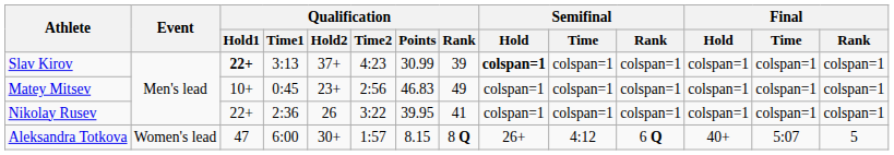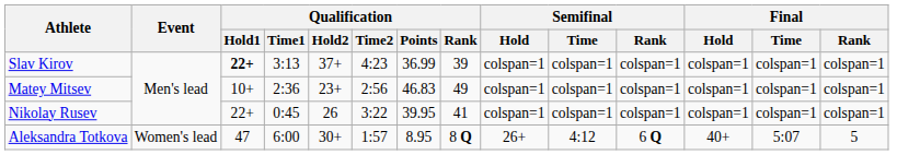 <table class=wikitable style=font-size:90% align=center>
 <tr>
 <th rowspan=2>Athlete</th>
 <th rowspan=2>Event</th>
 <th colspan=6>Qualification</th>
 <th colspan=3>Semifinal</th>
 <th colspan=3>Final</th>
 </tr>
 <tr style=font-size:95%>
 <th>Hold1</th>
 <th>Time1</th>
 <th>Hold2</th>
 <th>Time2</th>
 <th>Points</th>
 <th>Rank</th>
 <th>Hold</th>
 <th>Time</th>
 <th>Rank</th>
 <th>Hold</th>
 <th>Time</th>
 <th>Rank</th>
 </tr>
 <tr Align=center>
 <td align=left><a href='#'>Slav Kirov</a></td>
 <td rowspan=3>Men's lead</td>
 <td><strong>22+</strong></td>
 <td>3:13</td>
 <td>37+</td>
 <td>4:23</td>
-<td>30.99</td>
+<td>36.99</td>
 <td>39</td>
-<td><strong>colspan=1</strong></td>
+<td>colspan=1</td>
 <td>colspan=1</td>
 <td>colspan=1</td>
 <td>colspan=1</td>
 <td>colspan=1</td>
 <td>colspan=1</td>
 </tr>
 <tr align=center>
 <td align=left><a href='#'>Matey Mitsev</a></td>
 <td>10+</td>
-<td>0:45</td>
+<td>2:36</td>
 <td>23+</td>
 <td>2:56</td>
 <td>46.83</td>
 <td>49</td>
 <td>colspan=1</td>
 <td>colspan=1</td>
 <td>colspan=1</td>
 <td>colspan=1</td>
 <td>colspan=1</td>
 <td>colspan=1</td>
 </tr>
 <tr align=center>
 <td align=left><a href='#'>Nikolay Rusev</a></td>
 <td>22+</td>
-<td>2:36</td>
+<td>0:45</td>
 <td>26</td>
 <td>3:22</td>
 <td>39.95</td>
 <td>41</td>
 <td>colspan=1</td>
 <td>colspan=1</td>
 <td>colspan=1</td>
 <td>colspan=1</td>
 <td>colspan=1</td>
 <td>colspan=1</td>
 </tr>
 <tr align=center>
 <td align=left><a href='#'>Aleksandra Totkova</a></td>
 <td>Women's lead</td>
 <td>47</td>
 <td>6:00</td>
 <td>30+</td>
 <td>1:57</td>
-<td>8.15</td>
+<td>8.95</td>
 <td>8 <strong>Q</strong></td>
 <td>26+</td>
 <td>4:12</td>
 <td>6 <strong>Q</strong></td>
 <td>40+</td>
 <td>5:07</td>
 <td>5</td>
 </tr>
 </table>
